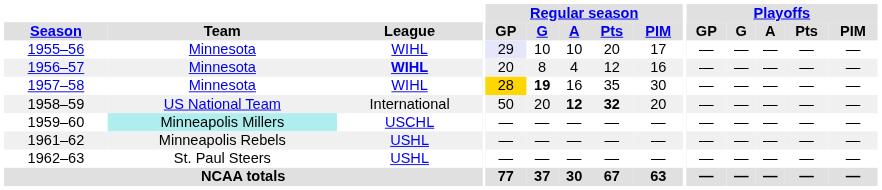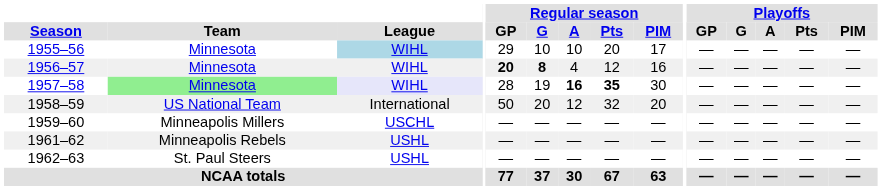 <table border="0" cellpadding="1" cellspacing="0" style="text-align:center; width:60em">
 <tr bgcolor="#e0e0e0">
 <th colspan="3" bgcolor="#ffffff"></th>
 <th rowspan="99" bgcolor="#ffffff"></th>
 <th colspan="5"><a href='#'>Regular season</a></th>
 <th rowspan="99" bgcolor="#ffffff"></th>
 <th colspan="5"><a href='#'>Playoffs</a></th>
 </tr>
 <tr bgcolor="#e0e0e0">
 <th><a href='#'>Season</a></th>
 <th>Team</th>
 <th>League</th>
 <th>GP</th>
 <th><a href='#'>G</a></th>
 <th><a href='#'>A</a></th>
 <th><a href='#'>Pts</a></th>
 <th><a href='#'>PIM</a></th>
 <th>GP</th>
 <th>G</th>
 <th>A</th>
 <th>Pts</th>
 <th>PIM</th>
 </tr>
 <tr>
 <td><a href='#'>1955–56</a></td>
 <td><a href='#'>Minnesota</a></td>
-<td><a href='#'>WIHL</a></td>
-<td style="background: lavender;">29</td>
+<td style="background: lightblue;"><a href='#'>WIHL</a></td>
+<td>29</td>
 <td>10</td>
 <td>10</td>
 <td>20</td>
 <td>17</td>
 <td>—</td>
 <td>—</td>
 <td>—</td>
 <td>—</td>
 <td>—</td>
 </tr>
 <tr bgcolor="f0f0f0">
 <td><a href='#'>1956–57</a></td>
 <td><a href='#'>Minnesota</a></td>
-<td><strong><a href='#'>WIHL</a></strong></td>
-<td>20</td>
-<td>8</td>
+<td><a href='#'>WIHL</a></td>
+<td><strong>20</strong></td>
+<td><strong>8</strong></td>
 <td>4</td>
 <td>12</td>
 <td>16</td>
 <td>—</td>
 <td>—</td>
 <td>—</td>
 <td>—</td>
 <td>—</td>
 </tr>
 <tr>
 <td><a href='#'>1957–58</a></td>
-<td><a href='#'>Minnesota</a></td>
-<td><a href='#'>WIHL</a></td>
-<td style="background: gold;">28</td>
-<td><strong>19</strong></td>
-<td>16</td>
-<td>35</td>
+<td style="background: lightgreen;"><a href='#'>Minnesota</a></td>
+<td style="background: lavender;"><a href='#'>WIHL</a></td>
+<td>28</td>
+<td>19</td>
+<td><strong>16</strong></td>
+<td><strong>35</strong></td>
 <td>30</td>
 <td>—</td>
 <td>—</td>
 <td>—</td>
 <td>—</td>
 <td>—</td>
 </tr>
 <tr bgcolor="f0f0f0">
 <td>1958–59</td>
 <td><a href='#'>US National Team</a></td>
 <td>International</td>
 <td>50</td>
 <td>20</td>
-<td><strong>12</strong></td>
-<td><strong>32</strong></td>
+<td>12</td>
+<td>32</td>
 <td>20</td>
 <td>—</td>
 <td>—</td>
 <td>—</td>
 <td>—</td>
 <td>—</td>
 </tr>
 <tr>
 <td>1959–60</td>
-<td style="background: paleturquoise;">Minneapolis Millers</td>
+<td>Minneapolis Millers</td>
 <td><a href='#'>USCHL</a></td>
 <td>—</td>
 <td>—</td>
 <td>—</td>
 <td>—</td>
 <td>—</td>
 <td>—</td>
 <td>—</td>
 <td>—</td>
 <td>—</td>
 <td>—</td>
 </tr>
 <tr bgcolor="f0f0f0">
 <td>1961–62</td>
 <td>Minneapolis Rebels</td>
 <td><a href='#'>USHL</a></td>
 <td>—</td>
 <td>—</td>
 <td>—</td>
 <td>—</td>
 <td>—</td>
 <td>—</td>
 <td>—</td>
 <td>—</td>
 <td>—</td>
 <td>—</td>
 </tr>
 <tr>
 <td>1962–63</td>
 <td>St. Paul Steers</td>
 <td><a href='#'>USHL</a></td>
 <td>—</td>
 <td>—</td>
 <td>—</td>
 <td>—</td>
 <td>—</td>
 <td>—</td>
 <td>—</td>
 <td>—</td>
 <td>—</td>
 <td>—</td>
 </tr>
 <tr bgcolor="#e0e0e0">
 <th colspan="3">NCAA totals</th>
 <th>77</th>
 <th>37</th>
 <th>30</th>
 <th>67</th>
 <th>63</th>
 <th>—</th>
 <th>—</th>
 <th>—</th>
 <th>—</th>
 <th>—</th>
 </tr>
 </table>
